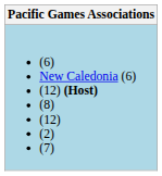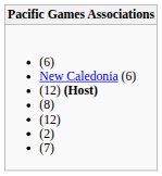 <table class="wikitable collapsible">
 <tr>
 <th>Pacific Games Associations</th>
 </tr>
 <tr>
-<td style="background: lightblue;"><br><ul><li> (6)</li><li>  <a href='#'>New Caledonia</a> (6)</li><li> (12) <strong>(Host)</strong></li><li> (8)</li><li> (12)</li><li> (2)</li><li> (7)</li></ul></td>
+<td><br><ul><li> (6)</li><li>  <a href='#'>New Caledonia</a> (6)</li><li> (12) <strong>(Host)</strong></li><li> (8)</li><li> (12)</li><li> (2)</li><li> (7)</li></ul></td>
 </tr>
 </table>
